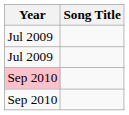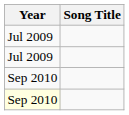 <table class="wikitable">
 <tr>
 <th>Year</th>
 <th>Song Title</th>
 </tr>
 <tr>
 <td>Jul 2009</td>
 <td></td>
 </tr>
 <tr>
 <td>Jul 2009</td>
 <td></td>
 </tr>
 <tr>
-<td style="background: pink;">Sep 2010</td>
+<td>Sep 2010</td>
 <td></td>
 </tr>
 <tr>
-<td>Sep 2010</td>
+<td style="background: lightyellow;">Sep 2010</td>
 <td></td>
 </tr>
 </table>
